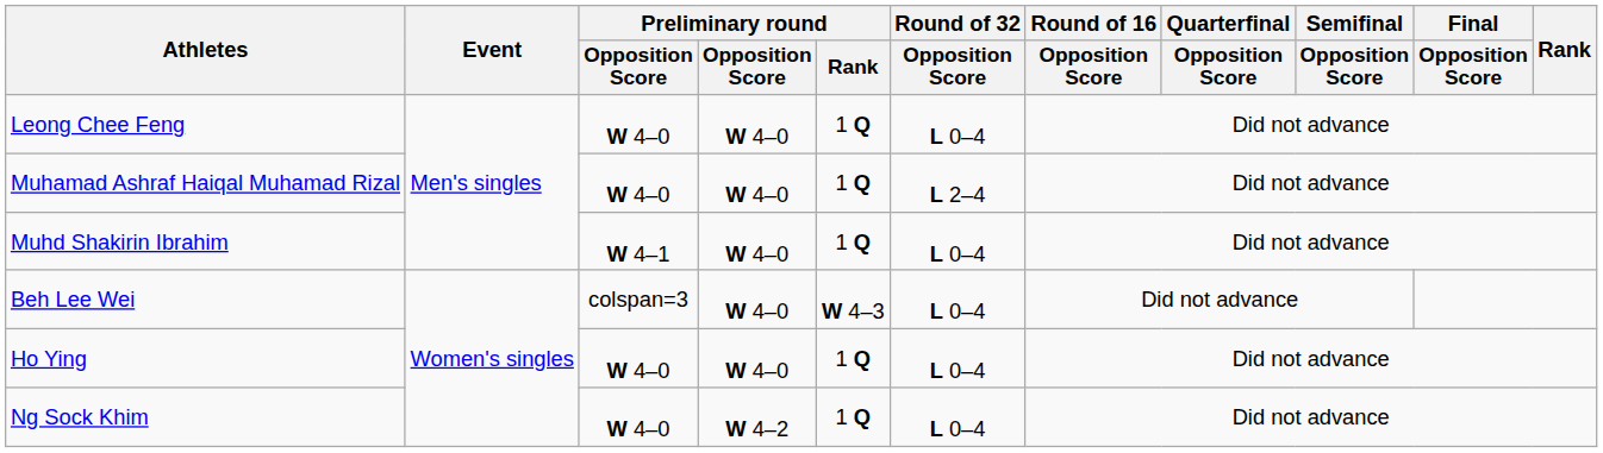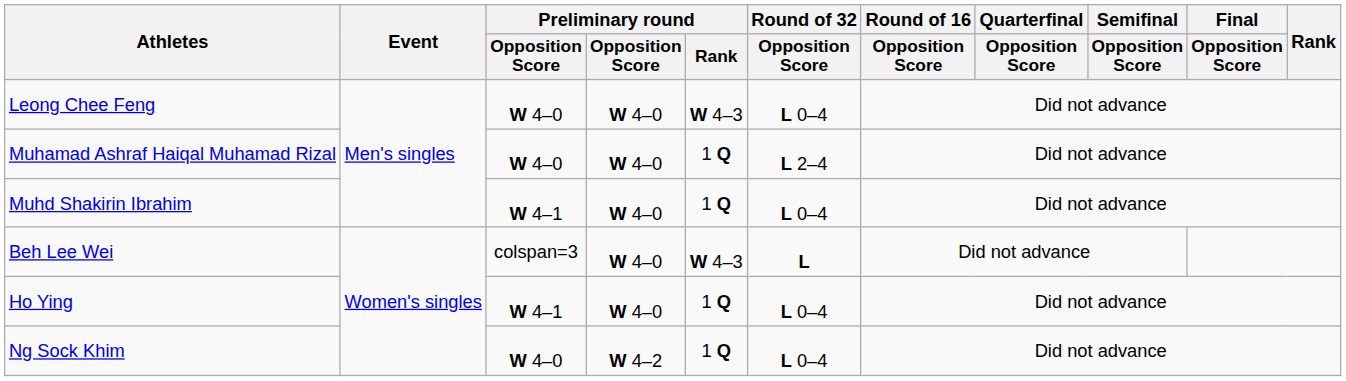 <table class="wikitable" style="font-size:90%">
 <tr>
 <th rowspan=2>Athletes</th>
 <th rowspan=2>Event</th>
 <th colspan=3>Preliminary round</th>
 <th>Round of 32</th>
 <th>Round of 16</th>
 <th>Quarterfinal</th>
 <th>Semifinal</th>
 <th>Final</th>
 <th rowspan=2>Rank</th>
 </tr>
 <tr style="font-size:95%">
 <th>Opposition<br>Score</th>
 <th>Opposition<br>Score</th>
 <th>Rank</th>
 <th>Opposition<br>Score</th>
 <th>Opposition<br>Score</th>
 <th>Opposition<br>Score</th>
 <th>Opposition<br>Score</th>
 <th>Opposition<br>Score</th>
 </tr>
 <tr align=center>
 <td align=left><a href='#'>Leong Chee Feng</a></td>
 <td align=left rowspan=3><a href='#'>Men's singles</a></td>
 <td><br><strong>W</strong> 4–0</td>
 <td><br><strong>W</strong> 4–0</td>
-<td>1 <strong>Q</strong></td>
+<td><br><strong>W</strong> 4–3</td>
 <td><br><strong>L</strong> 0–4</td>
 <td colspan=5>Did not advance</td>
 </tr>
 <tr align=center>
 <td align=left><a href='#'>Muhamad Ashraf Haiqal Muhamad Rizal</a></td>
 <td><br><strong>W</strong> 4–0</td>
 <td><br><strong>W</strong> 4–0</td>
 <td>1 <strong>Q</strong></td>
 <td><br><strong>L</strong> 2–4</td>
 <td colspan=5>Did not advance</td>
 </tr>
 <tr align=center>
 <td align=left><a href='#'>Muhd Shakirin Ibrahim</a></td>
 <td><br><strong>W</strong> 4–1</td>
 <td><br><strong>W</strong> 4–0</td>
 <td>1 <strong>Q</strong></td>
 <td><br><strong>L</strong> 0–4</td>
 <td colspan=5>Did not advance</td>
 </tr>
 <tr align=center>
 <td align=left><a href='#'>Beh Lee Wei</a></td>
 <td align=left rowspan=3><a href='#'>Women's singles</a></td>
 <td>colspan=3 </td>
 <td><br><strong>W</strong> 4–0</td>
 <td><br><strong>W</strong> 4–3</td>
-<td><br><strong>L</strong> 0–4</td>
+<td><br><strong>L</strong> </td>
 <td colspan=3>Did not advance</td>
 </tr>
 <tr align=center>
 <td align=left><a href='#'>Ho Ying</a></td>
-<td><br><strong>W</strong> 4–0</td>
+<td><br><strong>W</strong> 4–1</td>
 <td><br><strong>W</strong> 4–0</td>
 <td>1 <strong>Q</strong></td>
 <td><br><strong>L</strong> 0–4</td>
 <td colspan=5>Did not advance</td>
 </tr>
 <tr align=center>
 <td align=left><a href='#'>Ng Sock Khim</a></td>
 <td><br><strong>W</strong> 4–0</td>
 <td><br><strong>W</strong> 4–2</td>
 <td>1 <strong>Q</strong></td>
 <td><br><strong>L</strong> 0–4</td>
 <td colspan=5>Did not advance</td>
 </tr>
 </table>
